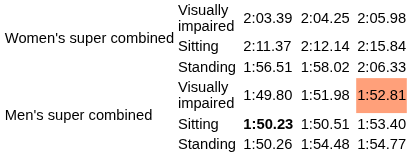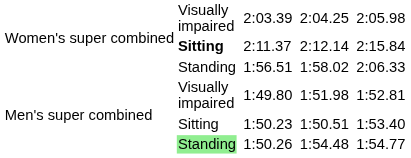 <table>
 <tr>
 <td rowspan="3">Women's super combined<br></td>
 <td>Visually<br>impaired</td>
 <td></td>
 <td>2:03.39</td>
 <td></td>
 <td>2:04.25</td>
 <td></td>
 <td>2:05.98</td>
 </tr>
 <tr>
-<td>Sitting</td>
+<td><strong>Sitting</strong></td>
 <td></td>
 <td>2:11.37</td>
 <td></td>
 <td>2:12.14</td>
 <td></td>
 <td>2:15.84</td>
 </tr>
 <tr>
 <td>Standing</td>
 <td></td>
 <td>1:56.51</td>
 <td></td>
 <td>1:58.02</td>
 <td></td>
 <td>2:06.33</td>
 </tr>
 <tr>
 <td rowspan="3">Men's super combined<br></td>
 <td>Visually<br>impaired</td>
 <td></td>
 <td>1:49.80</td>
 <td></td>
 <td>1:51.98</td>
 <td></td>
-<td style="background: lightsalmon;">1:52.81</td>
+<td>1:52.81</td>
 </tr>
 <tr>
 <td>Sitting</td>
 <td></td>
-<td><strong>1:50.23</strong></td>
+<td>1:50.23</td>
 <td></td>
 <td>1:50.51</td>
 <td></td>
 <td>1:53.40</td>
 </tr>
 <tr>
-<td>Standing</td>
+<td style="background: lightgreen;">Standing</td>
 <td></td>
 <td>1:50.26</td>
 <td></td>
 <td>1:54.48</td>
 <td></td>
 <td>1:54.77</td>
 </tr>
 </table>
